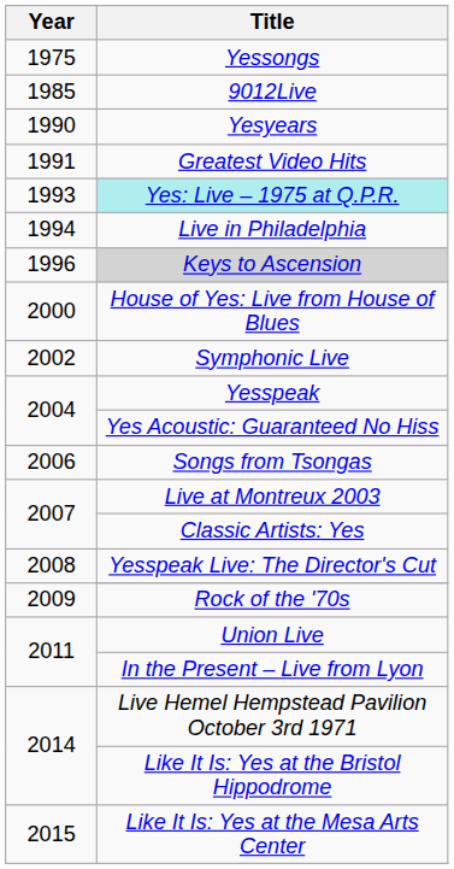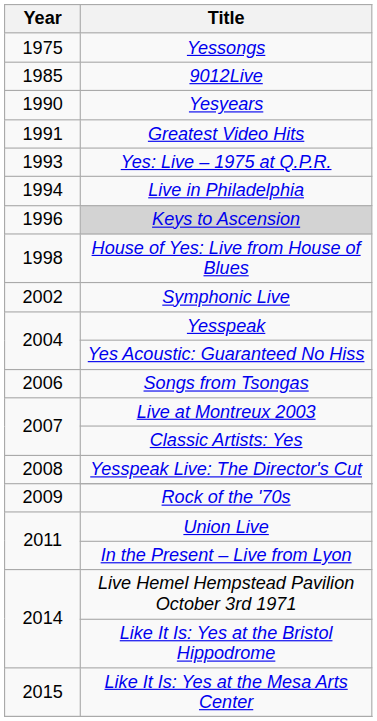 <table class="wikitable">
 <tr>
 <th width="60">Year</th>
 <th style="width:250px;">Title</th>
 </tr>
 <tr style="text-align:center;">
 <td>1975</td>
 <td><em><a href='#'>Yessongs</a></em></td>
 </tr>
 <tr style="text-align:center;">
 <td>1985</td>
 <td><em><a href='#'>9012Live</a></em></td>
 </tr>
 <tr style="text-align:center;">
 <td>1990</td>
 <td><em><a href='#'>Yesyears</a></em></td>
 </tr>
 <tr style="text-align:center;">
 <td>1991</td>
 <td><em><a href='#'>Greatest Video Hits</a></em></td>
 </tr>
 <tr style="text-align:center;">
 <td>1993</td>
-<td style="background: paleturquoise;"><em><a href='#'>Yes: Live – 1975 at Q.P.R.</a></em></td>
+<td><em><a href='#'>Yes: Live – 1975 at Q.P.R.</a></em></td>
 </tr>
 <tr style="text-align:center;">
 <td>1994</td>
 <td><em><a href='#'>Live in Philadelphia</a></em></td>
 </tr>
 <tr style="text-align:center;">
 <td>1996</td>
 <td style="background: lightgrey;"><em><a href='#'>Keys to Ascension</a></em></td>
 </tr>
 <tr style="text-align:center;">
-<td>2000</td>
+<td>1998</td>
 <td><em><a href='#'>House of Yes: Live from House of Blues</a></em></td>
 </tr>
 <tr style="text-align:center;">
 <td>2002</td>
 <td><em><a href='#'>Symphonic Live</a></em></td>
 </tr>
 <tr style="text-align:center;">
 <td rowspan="2">2004</td>
 <td><em><a href='#'>Yesspeak</a></em></td>
 </tr>
 <tr style="text-align:center;">
 <td><em><a href='#'>Yes Acoustic: Guaranteed No Hiss</a></em></td>
 </tr>
 <tr style="text-align:center;">
 <td>2006</td>
 <td><em><a href='#'>Songs from Tsongas</a></em></td>
 </tr>
 <tr style="text-align:center;">
 <td rowspan="2">2007</td>
 <td><em><a href='#'>Live at Montreux 2003</a></em></td>
 </tr>
 <tr style="text-align:center;">
 <td><em><a href='#'>Classic Artists: Yes</a></em></td>
 </tr>
 <tr style="text-align:center;">
 <td>2008</td>
 <td><em><a href='#'>Yesspeak Live: The Director's Cut</a></em></td>
 </tr>
 <tr style="text-align:center;">
 <td rowspan="2">2009</td>
 </tr>
 <tr style="text-align:center;">
 <td><em><a href='#'>Rock of the '70s</a></em></td>
 </tr>
 <tr style="text-align:center;">
 <td rowspan="2">2011</td>
 <td><em><a href='#'>Union Live</a></em></td>
 </tr>
 <tr style="text-align:center;">
 <td><em><a href='#'>In the Present – Live from Lyon</a></em></td>
 </tr>
 <tr style="text-align:center;">
 <td rowspan="2">2014</td>
 <td><em>Live Hemel Hempstead Pavilion October 3rd 1971</em></td>
 </tr>
 <tr style="text-align:center;">
 <td><em><a href='#'>Like It Is: Yes at the Bristol Hippodrome</a></em></td>
 </tr>
 <tr style="text-align:center;">
 <td>2015</td>
 <td><em><a href='#'>Like It Is: Yes at the Mesa Arts Center</a></em></td>
 </tr>
 <tr style="text-align:center;">
 </tr>
 </table>
